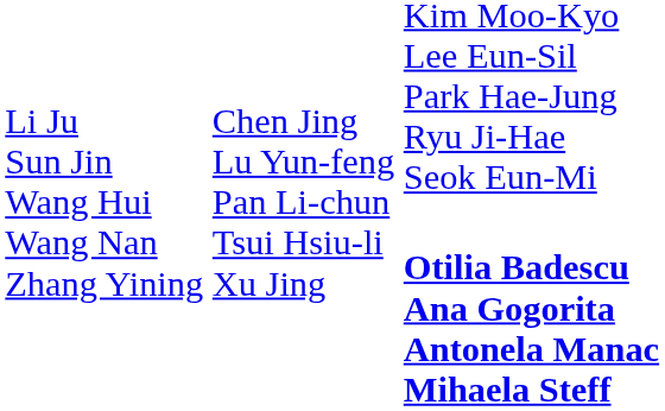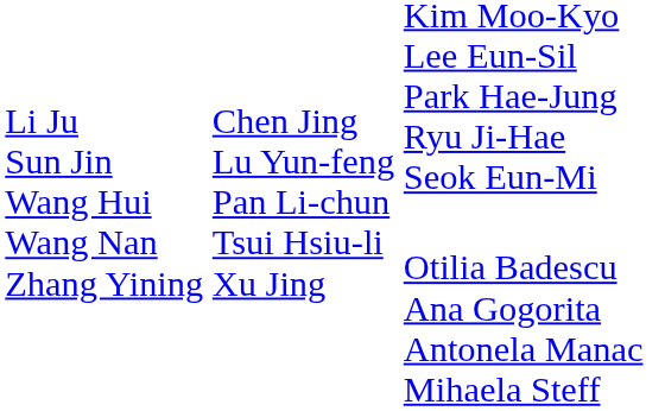 <table>
 <tr>
 <td rowspan=2></td>
 <td rowspan=2><br><a href='#'>Li Ju</a><br><a href='#'>Sun Jin</a><br><a href='#'>Wang Hui</a><br><a href='#'>Wang Nan</a><br><a href='#'>Zhang Yining</a></td>
 <td rowspan=2><br><a href='#'>Chen Jing</a><br><a href='#'>Lu Yun-feng</a><br><a href='#'>Pan Li-chun</a><br><a href='#'>Tsui Hsiu-li</a><br><a href='#'>Xu Jing</a></td>
 <td><br><a href='#'>Kim Moo-Kyo</a><br><a href='#'>Lee Eun-Sil</a><br><a href='#'>Park Hae-Jung</a><br><a href='#'>Ryu Ji-Hae</a><br><a href='#'>Seok Eun-Mi</a></td>
 </tr>
 <tr>
-<td><strong><br><a href='#'>Otilia Badescu</a><br><a href='#'>Ana Gogorita</a><br><a href='#'>Antonela Manac</a><br><a href='#'>Mihaela Steff</a></strong></td>
+<td><br><a href='#'>Otilia Badescu</a><br><a href='#'>Ana Gogorita</a><br><a href='#'>Antonela Manac</a><br><a href='#'>Mihaela Steff</a></td>
 </tr>
 </table>
